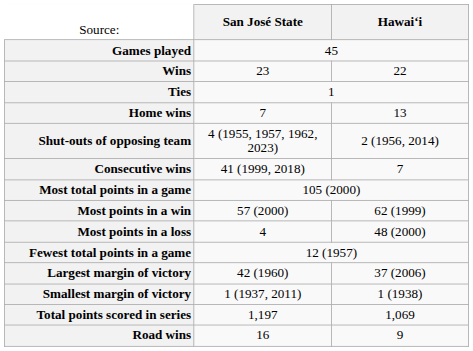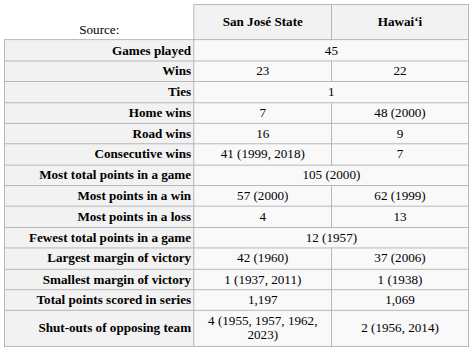 <table class="wikitable" style="border-collapse: collapse; text-align: center;">
 <tr>
 <td scope="row" style="background-color: #fff; border-top: 1px solid #fff; border-left: 1px solid #fff;"><br>Source:</td>
 <th style="width: 10em;">San José State</th>
 <th style="width: 10em;">Hawaiʻi</th>
 </tr>
 <tr>
 <th style="text-align: right; width: 14em;">Games played</th>
 <td colspan="2" style="text-align: center;">45</td>
 </tr>
 <tr>
 <th style="text-align: right; width: 14em;">Wins</th>
 <td>23</td>
 <td>22</td>
 </tr>
 <tr>
 <th style="text-align: right; width: 14em;">Ties</th>
 <td colspan="2" style="text-align: center;">1</td>
 </tr>
 <tr>
 <th style="text-align: right; width: 14em;">Home wins</th>
 <td>7</td>
-<td>13</td>
+<td>48 (2000)</td>
 </tr>
 <tr>
-<th style="text-align: right; width: 14em;">Shut-outs of opposing team</th>
-<td>4 (1955, 1957, 1962, 2023)</td>
-<td>2 (1956, 2014)</td>
+<th style="text-align: right; width: 14em;">Road wins</th>
+<td>16</td>
+<td>9</td>
 </tr>
 <tr>
 <th style="text-align: right; width: 14em;">Consecutive wins</th>
 <td>41 (1999, 2018)</td>
 <td>7</td>
 </tr>
 <tr>
 <th style="text-align: right; width: 14em;">Most total points in a game</th>
 <td colspan="2" style="text-align: center;">105 (2000)</td>
 </tr>
 <tr>
 <th style="text-align: right; width: 14em;">Most points in a win</th>
 <td>57 (2000)</td>
 <td>62 (1999)</td>
 </tr>
 <tr>
 <th style="text-align: right; width: 14em;">Most points in a loss</th>
 <td>4</td>
-<td>48 (2000)</td>
+<td>13</td>
 </tr>
 <tr>
 <th style="text-align: right; width: 14em;">Fewest total points in a game</th>
 <td colspan="2" style="text-align: center;">12 (1957)</td>
 </tr>
 <tr>
 <th style="text-align: right; width: 14em;">Largest margin of victory</th>
 <td>42 (1960)</td>
 <td>37 (2006)</td>
 </tr>
 <tr>
 <th style="text-align: right; width: 14em;">Smallest margin of victory</th>
 <td>1 (1937, 2011)</td>
 <td>1 (1938)</td>
 </tr>
 <tr>
 <th style="text-align: right; width: 14em;">Total points scored in series</th>
 <td>1,197</td>
 <td>1,069</td>
 </tr>
 <tr>
-<th style="text-align: right; width: 14em;">Road wins</th>
-<td>16</td>
-<td>9</td>
+<th style="text-align: right; width: 14em;">Shut-outs of opposing team</th>
+<td>4 (1955, 1957, 1962, 2023)</td>
+<td>2 (1956, 2014)</td>
 </tr>
 </table>
